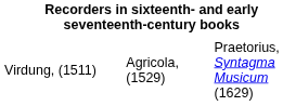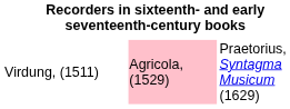 <table style="margin-left:auto; margin-right:auto; border:none;">
 <tr>
 <th colspan=3>Recorders in sixteenth- and early seventeenth-century books</th>
 </tr>
 <tr>
 <td style="width:140px"></td>
 <td style="width:100px"></td>
 <td style="width:100px"></td>
 </tr>
 <tr>
 <td>Virdung,  (1511)</td>
-<td>Agricola,  (1529)</td>
+<td style="background: pink;">Agricola,  (1529)</td>
 <td>Praetorius, <em><a href='#'>Syntagma Musicum</a></em> (1629)</td>
 </tr>
 </table>
